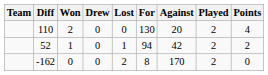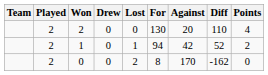 <table class="wikitable" style="text-align:center">
 <tr>
 <th>Team</th>
-<th>Diff</th>
+<th>Played</th>
 <th>Won</th>
 <th>Drew</th>
 <th>Lost</th>
 <th>For</th>
 <th>Against</th>
-<th>Played</th>
+<th>Diff</th>
 <th>Points</th>
 </tr>
 <tr>
 <td align=left></td>
-<td>110</td>
+<td>2</td>
 <td>2</td>
 <td>0</td>
 <td>0</td>
 <td>130</td>
 <td>20</td>
-<td>2</td>
+<td>110</td>
 <td>4</td>
 </tr>
 <tr>
 <td align=left></td>
-<td>52</td>
+<td>2</td>
 <td>1</td>
 <td>0</td>
 <td>1</td>
 <td>94</td>
 <td>42</td>
-<td>2</td>
+<td>52</td>
 <td>2</td>
 </tr>
 <tr>
 <td align=left></td>
-<td>-162</td>
+<td>2</td>
 <td>0</td>
 <td>0</td>
 <td>2</td>
 <td>8</td>
 <td>170</td>
-<td>2</td>
+<td>-162</td>
 <td>0</td>
 </tr>
 </table>
